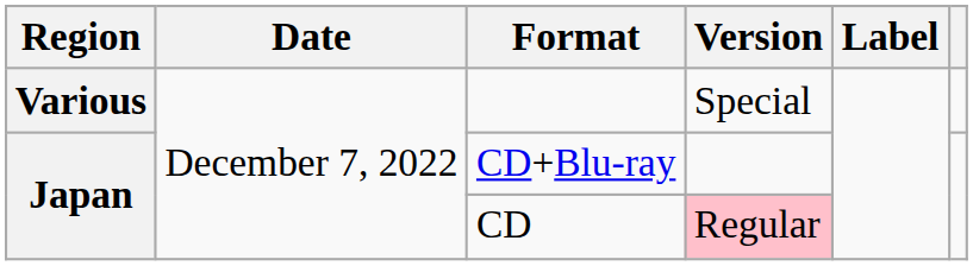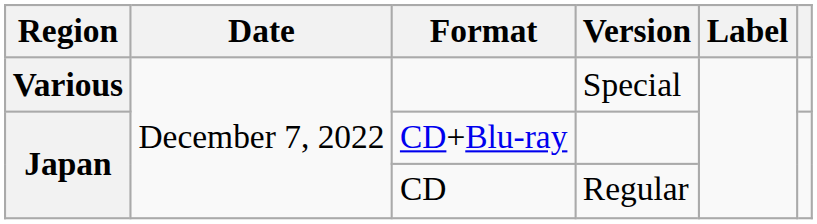 <table class="wikitable plainrowheaders">
 <tr>
 <th scope="col">Region</th>
 <th scope="col">Date</th>
 <th scope="col">Format</th>
 <th scope="col">Version</th>
 <th scope="col">Label</th>
 <th scope="col"></th>
 </tr>
 <tr>
 <th scope="row">Various</th>
 <td rowspan="3">December 7, 2022</td>
 <td></td>
 <td>Special</td>
 <td rowspan="3"></td>
 <td style="text-align:center"></td>
 </tr>
 <tr>
 <th scope="row" rowspan=2>Japan</th>
 <td><a href='#'>CD</a>+<a href='#'>Blu-ray</a></td>
 <td></td>
 <td rowspan="2" style="text-align:center"></td>
 </tr>
 <tr>
 <td>CD</td>
-<td style="background: pink;">Regular</td>
+<td>Regular</td>
 </tr>
 </table>
